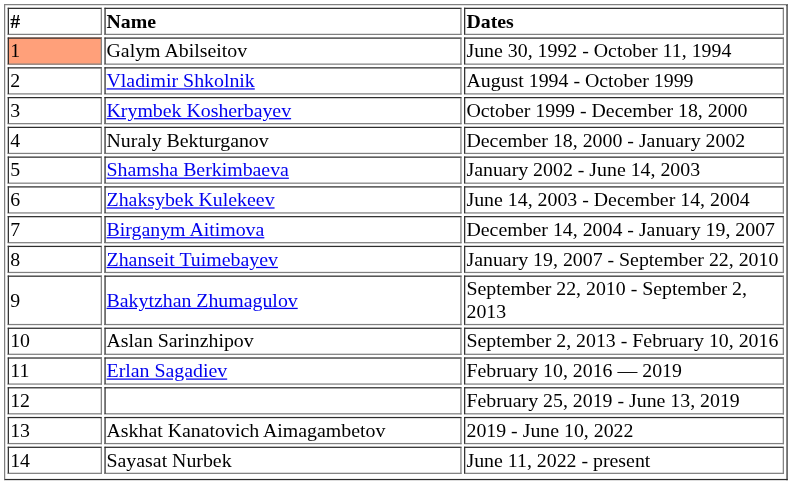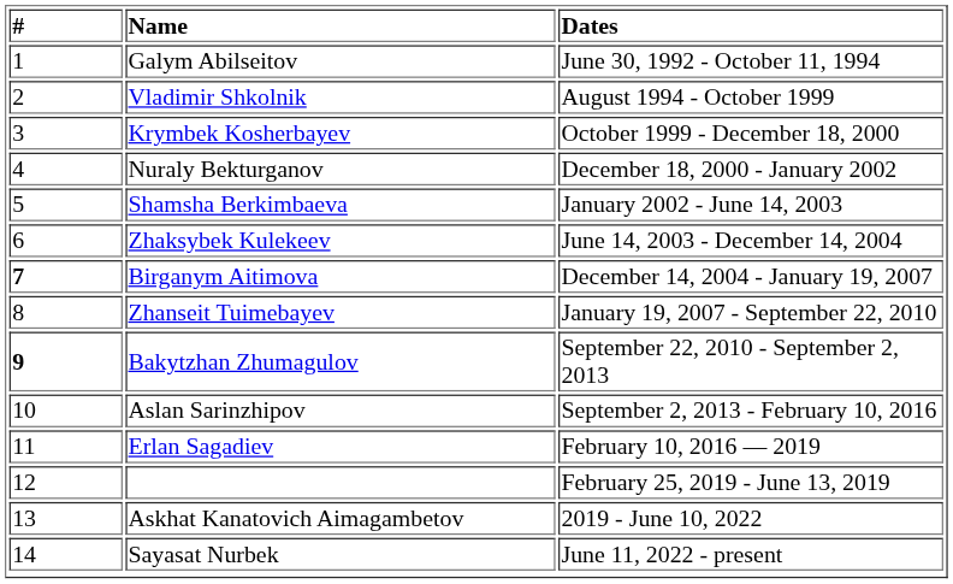 <table border 1| | width="50%"| class="standard">
 <tr>
 <td width="3%"><strong>#</strong></td>
 <td width="10%"><strong>Name</strong></td>
 <td width="10%"><strong>Dates</strong></td>
 </tr>
 <tr>
-<td width="3%" style="background: lightsalmon;">1</td>
+<td width="3%">1</td>
 <td width="10%">Galym Abilseitov</td>
 <td width="10%">June 30, 1992 - October 11, 1994</td>
 </tr>
 <tr>
 <td width="3%">2</td>
 <td width="10%"><a href='#'>Vladimir Shkolnik</a></td>
 <td width="10%">August 1994 - October 1999</td>
 </tr>
 <tr>
 <td width="3%">3</td>
 <td width="10%"><a href='#'>Krymbek Kosherbayev</a></td>
 <td width="10%">October 1999 - December 18, 2000</td>
 </tr>
 <tr>
 <td width="3%">4</td>
 <td width="10%">Nuraly Bekturganov</td>
 <td width="10%">December 18, 2000 - January 2002</td>
 </tr>
 <tr>
 <td width="3%">5</td>
 <td width="10%"><a href='#'>Shamsha Berkimbaeva</a></td>
 <td width="10%">January 2002 - June 14, 2003</td>
 </tr>
 <tr>
 <td width="3%">6</td>
 <td width="10%"><a href='#'>Zhaksybek Kulekeev</a></td>
 <td width="10%">June 14, 2003 - December 14, 2004</td>
 </tr>
 <tr>
-<td width="3%">7</td>
+<td width="3%"><strong>7</strong></td>
 <td width="10%"><a href='#'>Birganym Aitimova</a></td>
 <td width="10%">December 14, 2004 - January 19, 2007</td>
 </tr>
 <tr>
 <td width="3%">8</td>
 <td width="10%"><a href='#'>Zhanseit Tuimebayev</a></td>
 <td width="10%">January 19, 2007 - September 22, 2010</td>
 </tr>
 <tr>
-<td width="3%">9</td>
+<td width="3%"><strong>9</strong></td>
 <td width="10%"><a href='#'>Bakytzhan Zhumagulov</a></td>
 <td width="10%">September 22, 2010 - September 2, 2013</td>
 </tr>
 <tr>
 <td width="3%">10</td>
 <td width="10%">Aslan Sarinzhipov</td>
 <td width="10%">September 2, 2013 - February 10, 2016</td>
 </tr>
 <tr>
 <td width="3%">11</td>
 <td width="10%"><a href='#'>Erlan Sagadiev</a></td>
 <td width="10%">February 10, 2016 — 2019</td>
 </tr>
 <tr>
 <td width="3%">12</td>
 <td width="10%"></td>
 <td width="10%">February 25, 2019 - June 13, 2019</td>
 </tr>
 <tr>
 <td width="3%">13</td>
 <td width="10%">Askhat Kanatovich Aimagambetov</td>
 <td width="10%">2019 - June 10, 2022</td>
 </tr>
 <tr>
 <td width="3%">14</td>
 <td width="10%">Sayasat Nurbek</td>
 <td width="10%">June 11, 2022 - present</td>
 </tr>
 <tr>
 </tr>
 </table>
